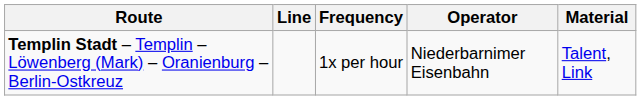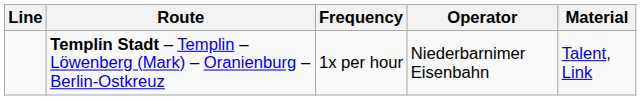 <table class="wikitable vatop">
 <tr>
+<th>Line</th>
 <th>Route</th>
-<th>Line</th>
 <th>Frequency</th>
 <th>Operator</th>
 <th>Material</th>
 </tr>
 <tr>
+<td></td>
 <td><strong>Templin Stadt</strong> – <a href='#'>Templin</a> – <a href='#'>Löwenberg (Mark)</a> – <a href='#'>Oranienburg</a> – <a href='#'>Berlin-Ostkreuz</a></td>
-<td></td>
 <td>1x per hour</td>
 <td>Niederbarnimer Eisenbahn</td>
 <td><a href='#'>Talent</a>, <a href='#'>Link</a></td>
 </tr>
 </table>
